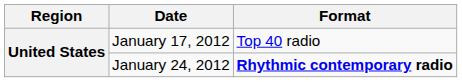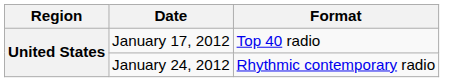 <table class="wikitable plainrowheaders">
 <tr>
 <th scope="col">Region</th>
 <th scope="col">Date</th>
 <th scope="col">Format</th>
 </tr>
 <tr>
 <th scope="row" rowspan="2">United States</th>
 <td>January 17, 2012</td>
 <td><a href='#'>Top 40</a> radio</td>
 </tr>
 <tr>
 <td>January 24, 2012</td>
-<td><strong><a href='#'>Rhythmic contemporary</a> radio</strong></td>
+<td><a href='#'>Rhythmic contemporary</a> radio</td>
 </tr>
 </table>
